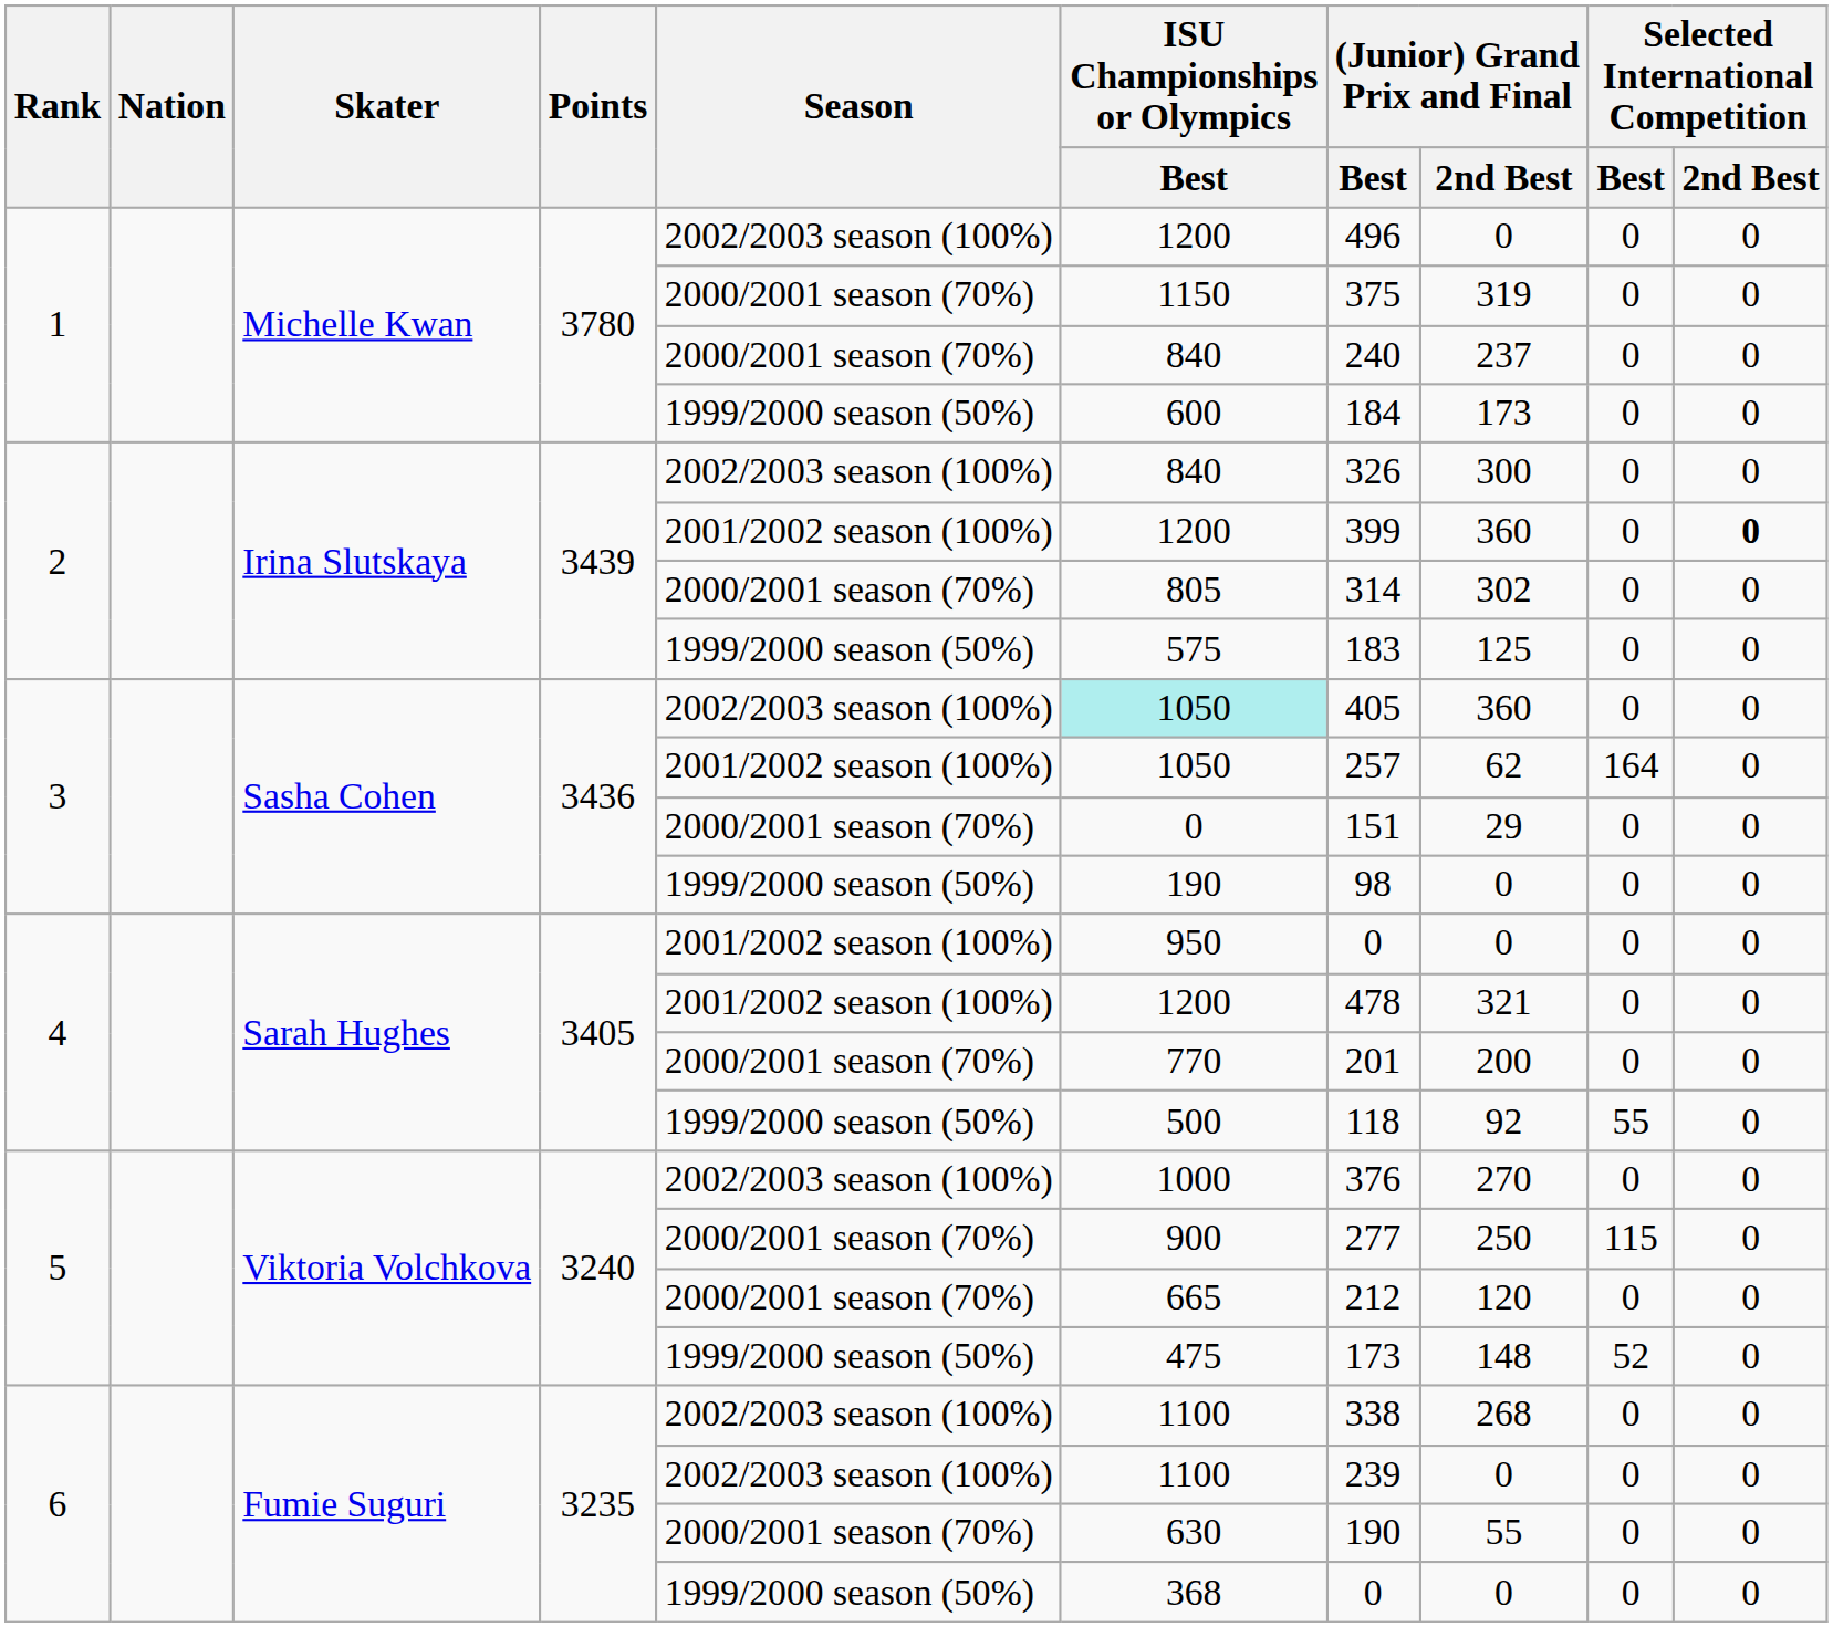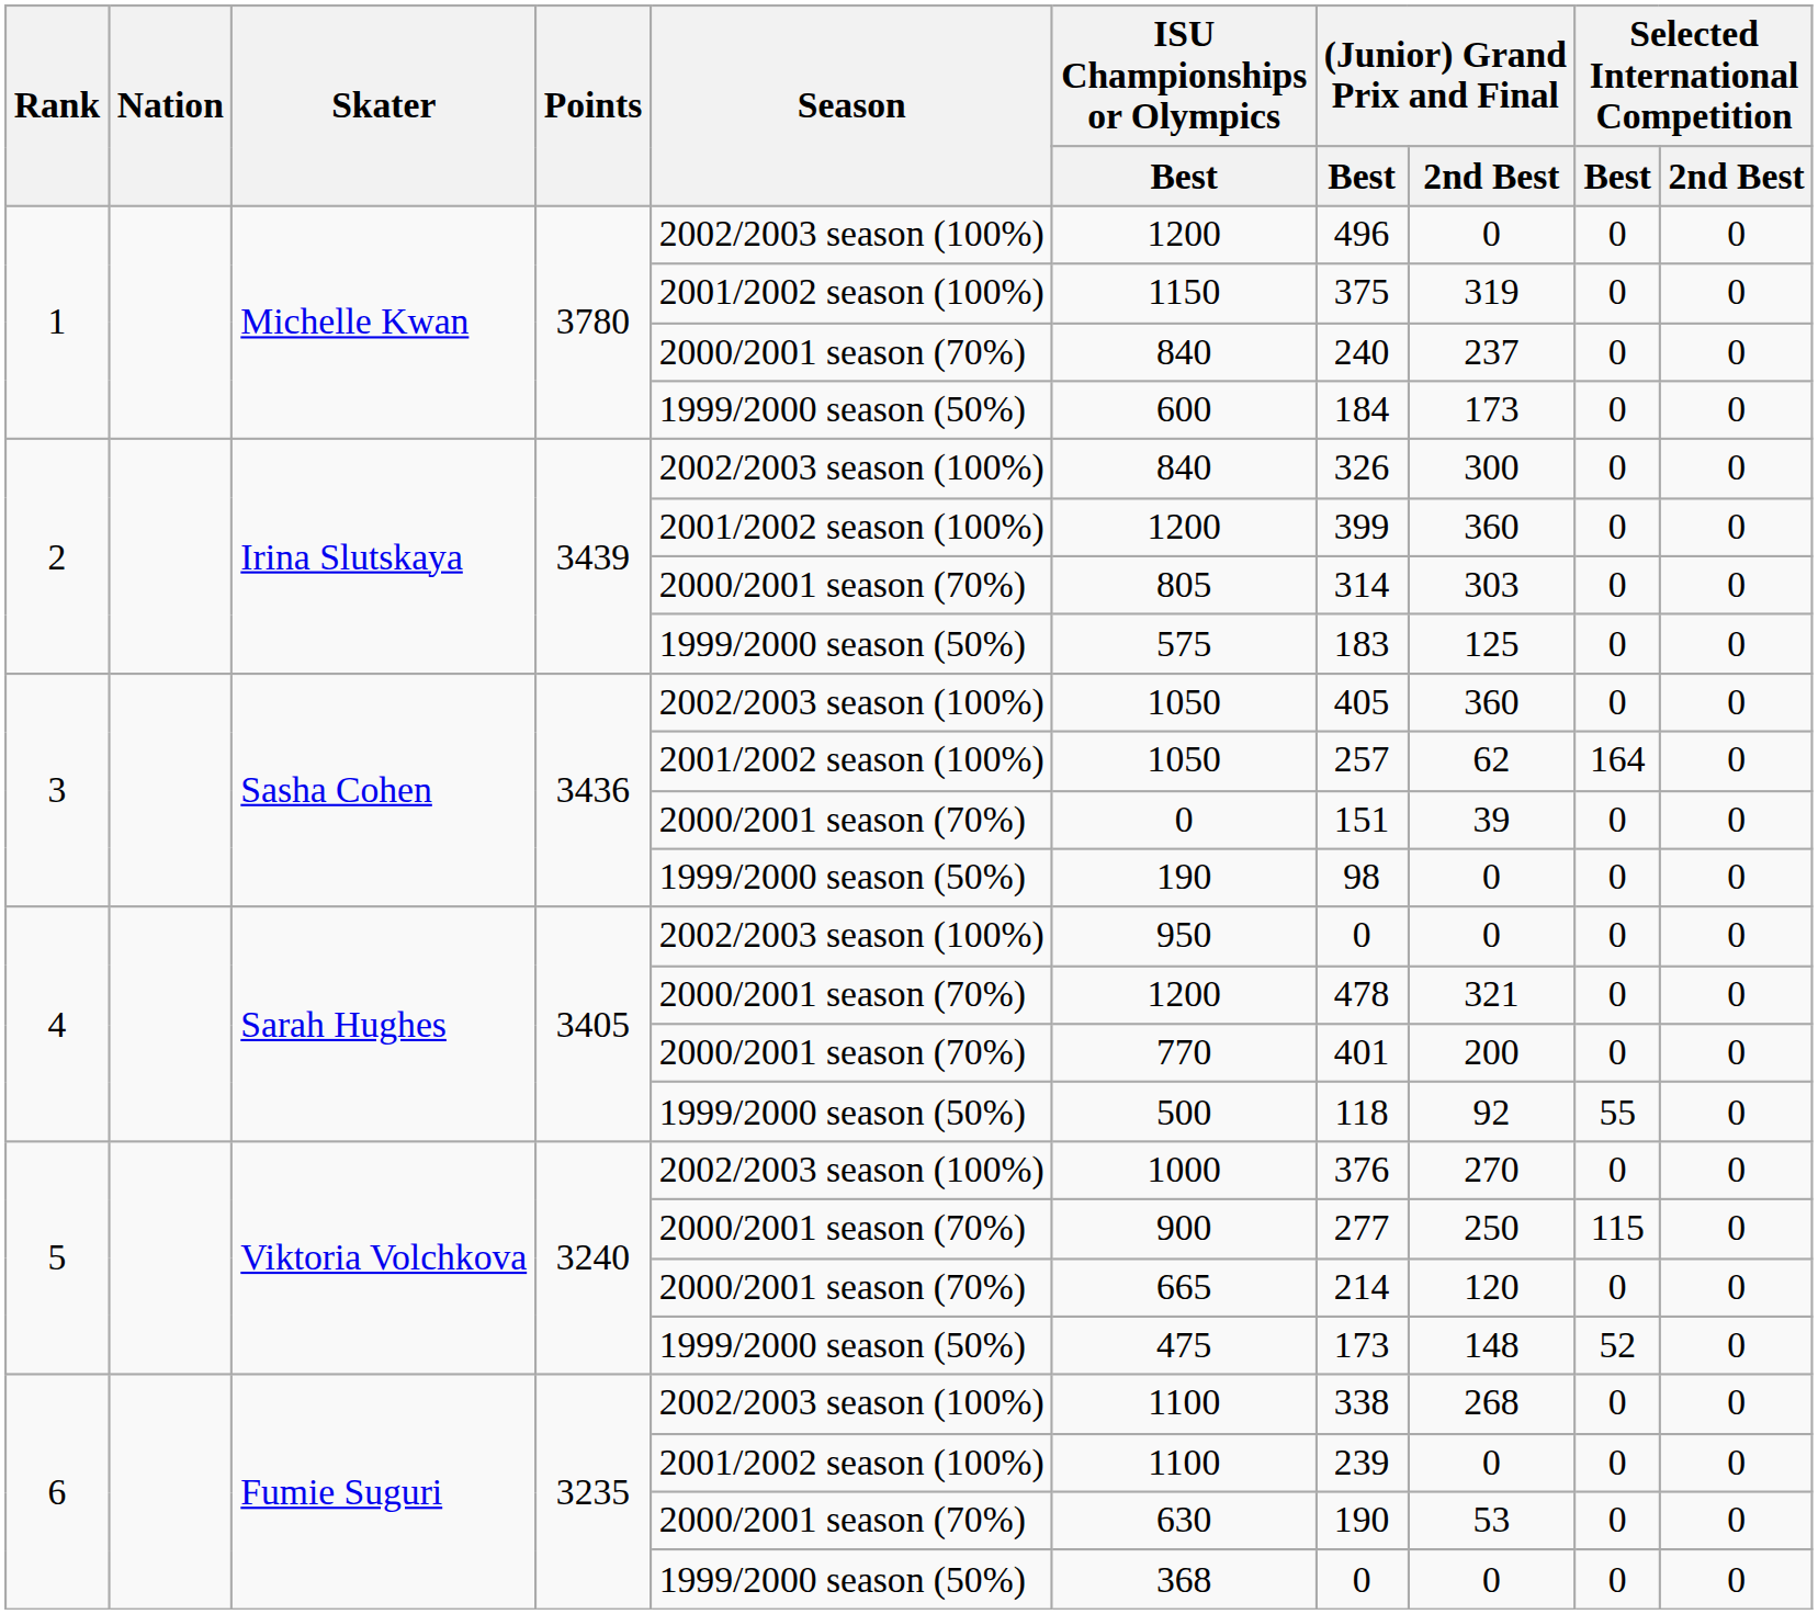 <table class="wikitable sortable" style="text-align: center;">
 <tr>
 <th rowspan="2">Rank</th>
 <th rowspan="2">Nation</th>
 <th rowspan="2">Skater</th>
 <th rowspan="2">Points</th>
 <th rowspan="2">Season</th>
 <th>ISU <br> Championships <br> or Olympics</th>
 <th colspan="2">(Junior) Grand <br> Prix and Final</th>
 <th colspan="2">Selected <br> International <br> Competition</th>
 </tr>
 <tr>
 <th>Best</th>
 <th>Best</th>
 <th>2nd Best</th>
 <th>Best</th>
 <th>2nd Best</th>
 </tr>
 <tr>
 <td rowspan="4">1</td>
 <td rowspan="4" style="text-align: left;"></td>
 <td rowspan="4" style="text-align: left;"><a href='#'>Michelle Kwan</a></td>
 <td rowspan="4">3780</td>
 <td style="text-align: left;">2002/2003 season (100%)</td>
 <td>1200</td>
 <td>496</td>
 <td>0</td>
 <td>0</td>
 <td>0</td>
 </tr>
 <tr>
-<td style="text-align: left;">2000/2001 season (70%)</td>
+<td style="text-align: left;">2001/2002 season (100%)</td>
 <td>1150</td>
 <td>375</td>
 <td>319</td>
 <td>0</td>
 <td>0</td>
 </tr>
 <tr>
 <td style="text-align: left;">2000/2001 season (70%)</td>
 <td>840</td>
 <td>240</td>
 <td>237</td>
 <td>0</td>
 <td>0</td>
 </tr>
 <tr>
 <td style="text-align: left;">1999/2000 season (50%)</td>
 <td>600</td>
 <td>184</td>
 <td>173</td>
 <td>0</td>
 <td>0</td>
 </tr>
 <tr>
 <td rowspan="4">2</td>
 <td rowspan="4" style="text-align: left;"></td>
 <td rowspan="4" style="text-align: left;"><a href='#'>Irina Slutskaya</a></td>
 <td rowspan="4">3439</td>
 <td style="text-align: left;">2002/2003 season (100%)</td>
 <td>840</td>
 <td>326</td>
 <td>300</td>
 <td>0</td>
 <td>0</td>
 </tr>
 <tr>
 <td style="text-align: left;">2001/2002 season (100%)</td>
 <td>1200</td>
 <td>399</td>
 <td>360</td>
 <td>0</td>
-<td><strong>0</strong></td>
+<td>0</td>
 </tr>
 <tr>
 <td style="text-align: left;">2000/2001 season (70%)</td>
 <td>805</td>
 <td>314</td>
-<td>302</td>
+<td>303</td>
 <td>0</td>
 <td>0</td>
 </tr>
 <tr>
 <td style="text-align: left;">1999/2000 season (50%)</td>
 <td>575</td>
 <td>183</td>
 <td>125</td>
 <td>0</td>
 <td>0</td>
 </tr>
 <tr>
 <td rowspan="4">3</td>
 <td rowspan="4" style="text-align: left;"></td>
 <td rowspan="4" style="text-align: left;"><a href='#'>Sasha Cohen</a></td>
 <td rowspan="4">3436</td>
 <td style="text-align: left;">2002/2003 season (100%)</td>
-<td style="background: paleturquoise;">1050</td>
+<td>1050</td>
 <td>405</td>
 <td>360</td>
 <td>0</td>
 <td>0</td>
 </tr>
 <tr>
 <td style="text-align: left;">2001/2002 season (100%)</td>
 <td>1050</td>
 <td>257</td>
 <td>62</td>
 <td>164</td>
 <td>0</td>
 </tr>
 <tr>
 <td style="text-align: left;">2000/2001 season (70%)</td>
 <td>0</td>
 <td>151</td>
-<td>29</td>
+<td>39</td>
 <td>0</td>
 <td>0</td>
 </tr>
 <tr>
 <td style="text-align: left;">1999/2000 season (50%)</td>
 <td>190</td>
 <td>98</td>
 <td>0</td>
 <td>0</td>
 <td>0</td>
 </tr>
 <tr>
 <td rowspan="4">4</td>
 <td rowspan="4" style="text-align: left;"></td>
 <td rowspan="4" style="text-align: left;"><a href='#'>Sarah Hughes</a></td>
 <td rowspan="4">3405</td>
-<td style="text-align: left;">2001/2002 season (100%)</td>
+<td style="text-align: left;">2002/2003 season (100%)</td>
 <td>950</td>
 <td>0</td>
 <td>0</td>
 <td>0</td>
 <td>0</td>
 </tr>
 <tr>
-<td style="text-align: left;">2001/2002 season (100%)</td>
+<td style="text-align: left;">2000/2001 season (70%)</td>
 <td>1200</td>
 <td>478</td>
 <td>321</td>
 <td>0</td>
 <td>0</td>
 </tr>
 <tr>
 <td style="text-align: left;">2000/2001 season (70%)</td>
 <td>770</td>
-<td>201</td>
+<td>401</td>
 <td>200</td>
 <td>0</td>
 <td>0</td>
 </tr>
 <tr>
 <td style="text-align: left;">1999/2000 season (50%)</td>
 <td>500</td>
 <td>118</td>
 <td>92</td>
 <td>55</td>
 <td>0</td>
 </tr>
 <tr>
 <td rowspan="4">5</td>
 <td rowspan="4" style="text-align: left;"></td>
 <td rowspan="4" style="text-align: left;"><a href='#'>Viktoria Volchkova</a></td>
 <td rowspan="4">3240</td>
 <td style="text-align: left;">2002/2003 season (100%)</td>
 <td>1000</td>
 <td>376</td>
 <td>270</td>
 <td>0</td>
 <td>0</td>
 </tr>
 <tr>
 <td style="text-align: left;">2000/2001 season (70%)</td>
 <td>900</td>
 <td>277</td>
 <td>250</td>
 <td>115</td>
 <td>0</td>
 </tr>
 <tr>
 <td style="text-align: left;">2000/2001 season (70%)</td>
 <td>665</td>
-<td>212</td>
+<td>214</td>
 <td>120</td>
 <td>0</td>
 <td>0</td>
 </tr>
 <tr>
 <td style="text-align: left;">1999/2000 season (50%)</td>
 <td>475</td>
 <td>173</td>
 <td>148</td>
 <td>52</td>
 <td>0</td>
 </tr>
 <tr>
 <td rowspan="4">6</td>
 <td rowspan="4" style="text-align: left;"></td>
 <td rowspan="4" style="text-align: left;"><a href='#'>Fumie Suguri</a></td>
 <td rowspan="4">3235</td>
 <td style="text-align: left;">2002/2003 season (100%)</td>
 <td>1100</td>
 <td>338</td>
 <td>268</td>
 <td>0</td>
 <td>0</td>
 </tr>
 <tr>
-<td style="text-align: left;">2002/2003 season (100%)</td>
+<td style="text-align: left;">2001/2002 season (100%)</td>
 <td>1100</td>
 <td>239</td>
 <td>0</td>
 <td>0</td>
 <td>0</td>
 </tr>
 <tr>
 <td style="text-align: left;">2000/2001 season (70%)</td>
 <td>630</td>
 <td>190</td>
-<td>55</td>
+<td>53</td>
 <td>0</td>
 <td>0</td>
 </tr>
 <tr>
 <td style="text-align: left;">1999/2000 season (50%)</td>
 <td>368</td>
 <td>0</td>
 <td>0</td>
 <td>0</td>
 <td>0</td>
 </tr>
 </table>
